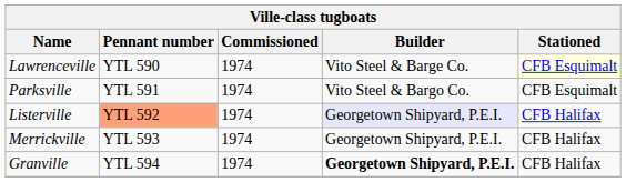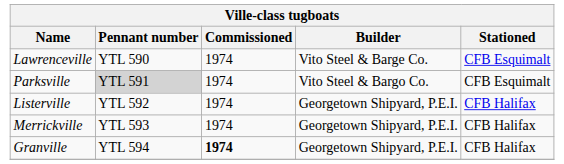 <table class="wikitable" style="margin:auto">
 <tr>
 <th colspan=5><strong>Ville-class tugboats</strong></th>
 </tr>
 <tr>
 <th>Name</th>
 <th>Pennant number</th>
 <th>Commissioned</th>
 <th>Builder</th>
 <th>Stationed</th>
 </tr>
 <tr>
 <td><em>Lawrenceville</em></td>
 <td>YTL 590</td>
 <td>1974</td>
 <td>Vito Steel & Barge Co.</td>
-<td style="background: lightyellow;"><a href='#'>CFB Esquimalt</a></td>
+<td><a href='#'>CFB Esquimalt</a></td>
 </tr>
 <tr>
 <td><em>Parksville</em></td>
-<td>YTL 591</td>
+<td style="background: lightgrey;">YTL 591</td>
 <td>1974</td>
 <td>Vito Steel & Bargo Co.</td>
 <td>CFB Esquimalt</td>
 </tr>
 <tr>
 <td><em>Listerville</em></td>
-<td style="background: lightsalmon;">YTL 592</td>
+<td>YTL 592</td>
 <td>1974</td>
-<td style="background: lavender;">Georgetown Shipyard, P.E.I.</td>
+<td>Georgetown Shipyard, P.E.I.</td>
 <td><a href='#'>CFB Halifax</a></td>
 </tr>
 <tr>
 <td><em>Merrickville</em></td>
 <td>YTL 593</td>
 <td>1974</td>
 <td>Georgetown Shipyard, P.E.I.</td>
 <td>CFB Halifax</td>
 </tr>
 <tr>
 <td><em>Granville</em></td>
 <td>YTL 594</td>
-<td>1974</td>
-<td><strong>Georgetown Shipyard, P.E.I.</strong></td>
+<td><strong>1974</strong></td>
+<td>Georgetown Shipyard, P.E.I.</td>
 <td>CFB Halifax</td>
 </tr>
 <tr>
 </tr>
 </table>
